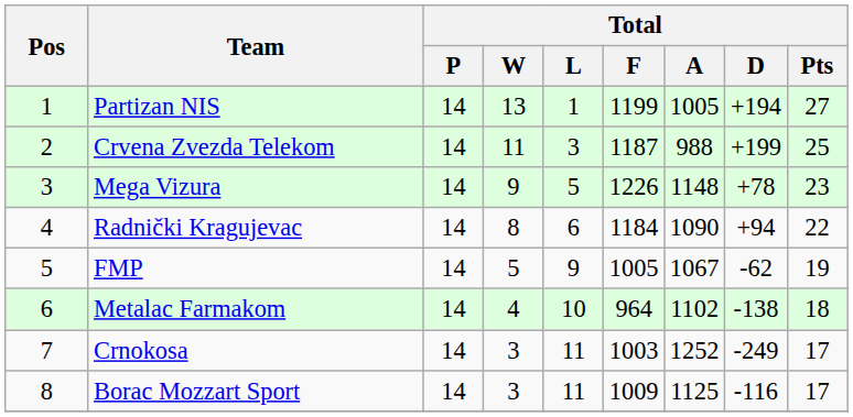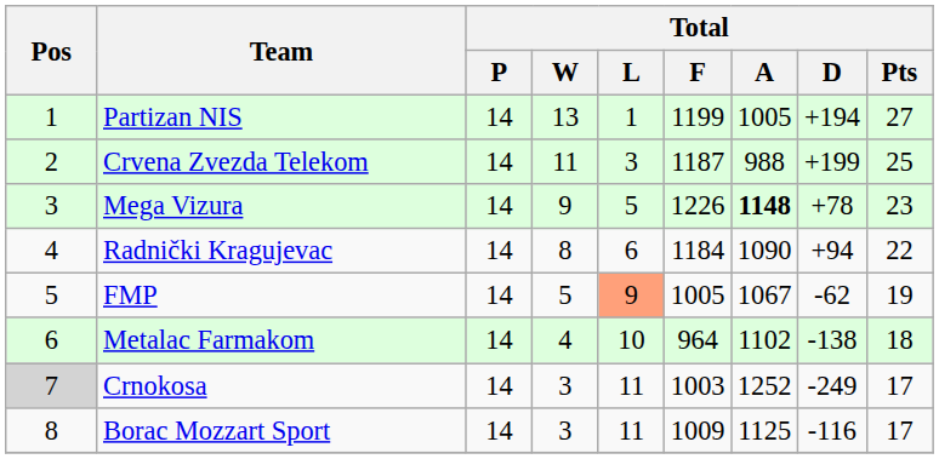 <table class="wikitable sortable" style="text-align: center; font-size:95%">
 <tr>
 <th width="44" rowspan=2>Pos</th>
 <th width="200" rowspan=2>Team</th>
 <th colspan=7>Total</th>
 </tr>
 <tr>
 <th width="30"><strong>P</strong></th>
 <th width="30"><strong>W</strong></th>
 <th width="30"><strong>L</strong></th>
 <th width="30"><strong>F</strong></th>
 <th width="30"><strong>A</strong></th>
 <th width="30"><strong>D</strong></th>
 <th width="30"><strong>Pts</strong></th>
 </tr>
 <tr style="background: #ddffdd">
 <td>1</td>
 <td align="left"><a href='#'>Partizan NIS</a></td>
 <td>14</td>
 <td>13</td>
 <td>1</td>
 <td>1199</td>
 <td>1005</td>
 <td>+194</td>
 <td>27</td>
 </tr>
 <tr style="background: #ddffdd">
 <td>2</td>
 <td align="left"><a href='#'>Crvena Zvezda Telekom</a></td>
 <td>14</td>
 <td>11</td>
 <td>3</td>
 <td>1187</td>
 <td>988</td>
 <td>+199</td>
 <td>25</td>
 </tr>
 <tr style="background: #ddffdd">
 <td>3</td>
 <td align="left"><a href='#'>Mega Vizura</a></td>
 <td>14</td>
 <td>9</td>
 <td>5</td>
 <td>1226</td>
-<td>1148</td>
+<td><strong>1148</strong></td>
 <td>+78</td>
 <td>23</td>
 </tr>
 <tr>
 <td>4</td>
 <td align="left"><a href='#'>Radnički Kragujevac</a></td>
 <td>14</td>
 <td>8</td>
 <td>6</td>
 <td>1184</td>
 <td>1090</td>
 <td>+94</td>
 <td>22</td>
 </tr>
 <tr>
 <td>5</td>
 <td align="left"><a href='#'>FMP</a></td>
 <td>14</td>
 <td>5</td>
-<td>9</td>
+<td style="background: lightsalmon;">9</td>
 <td>1005</td>
 <td>1067</td>
 <td>-62</td>
 <td>19</td>
 </tr>
 <tr style="background: #ddffdd">
 <td>6</td>
 <td align="left"><a href='#'>Metalac Farmakom</a></td>
 <td>14</td>
 <td>4</td>
 <td>10</td>
 <td>964</td>
 <td>1102</td>
 <td>-138</td>
 <td>18</td>
 </tr>
 <tr>
-<td>7</td>
+<td style="background: lightgrey;">7</td>
 <td align="left"><a href='#'>Crnokosa</a></td>
 <td>14</td>
 <td>3</td>
 <td>11</td>
 <td>1003</td>
 <td>1252</td>
 <td>-249</td>
 <td>17</td>
 </tr>
 <tr>
 <td>8</td>
 <td align="left"><a href='#'>Borac Mozzart Sport</a></td>
 <td>14</td>
 <td>3</td>
 <td>11</td>
 <td>1009</td>
 <td>1125</td>
 <td>-116</td>
 <td>17</td>
 </tr>
 <tr>
 </tr>
 </table>
